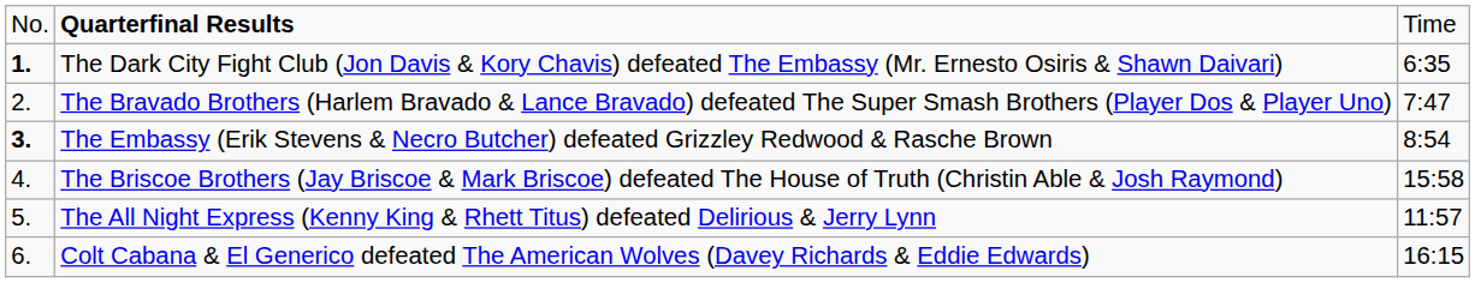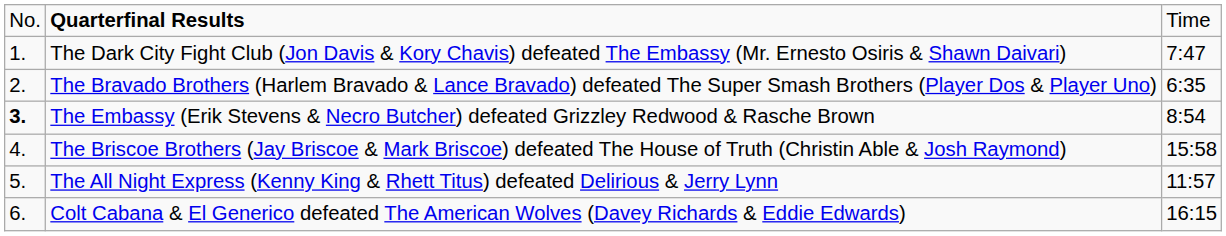 <table class="wikitable">
 <tr>
 <td>No.</td>
 <td><strong>Quarterfinal Results</strong></td>
 <td>Time</td>
 </tr>
 <tr>
-<td><strong>1.</strong></td>
+<td>1.</td>
 <td>The Dark City Fight Club (<a href='#'>Jon Davis</a> & <a href='#'>Kory Chavis</a>) defeated <a href='#'>The Embassy</a> (Mr. Ernesto Osiris & <a href='#'>Shawn Daivari</a>)</td>
-<td>6:35</td>
+<td>7:47</td>
 </tr>
 <tr>
 <td>2.</td>
 <td><a href='#'>The Bravado Brothers</a> (Harlem Bravado & <a href='#'>Lance Bravado</a>) defeated The Super Smash Brothers (<a href='#'>Player Dos</a> & <a href='#'>Player Uno</a>)</td>
-<td>7:47</td>
+<td>6:35</td>
 </tr>
 <tr>
 <td><strong>3.</strong></td>
 <td><a href='#'>The Embassy</a> (Erik Stevens & <a href='#'>Necro Butcher</a>) defeated Grizzley Redwood & Rasche Brown</td>
 <td>8:54</td>
 </tr>
 <tr>
 <td>4.</td>
 <td><a href='#'>The Briscoe Brothers</a> (<a href='#'>Jay Briscoe</a> & <a href='#'>Mark Briscoe</a>) defeated The House of Truth (Christin Able & <a href='#'>Josh Raymond</a>)</td>
 <td>15:58</td>
 </tr>
 <tr>
 <td>5.</td>
 <td><a href='#'>The All Night Express</a> (<a href='#'>Kenny King</a> & <a href='#'>Rhett Titus</a>) defeated <a href='#'>Delirious</a> & <a href='#'>Jerry Lynn</a></td>
 <td>11:57</td>
 </tr>
 <tr>
 <td>6.</td>
 <td><a href='#'>Colt Cabana</a> & <a href='#'>El Generico</a> defeated <a href='#'>The American Wolves</a> (<a href='#'>Davey Richards</a> & <a href='#'>Eddie Edwards</a>)</td>
 <td>16:15</td>
 </tr>
 </table>
